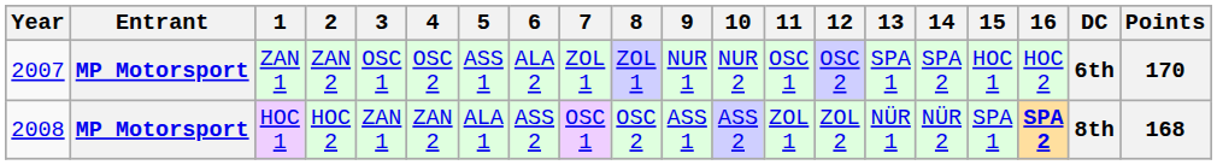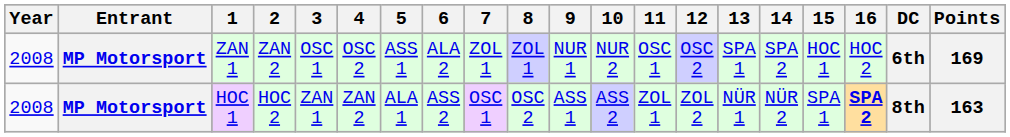 <table class="wikitable" style="text-align:center; font-size:85%">
 <tr>
 <th>Year</th>
 <th>Entrant</th>
 <th>1</th>
 <th>2</th>
 <th>3</th>
 <th>4</th>
 <th>5</th>
 <th>6</th>
 <th>7</th>
 <th>8</th>
 <th>9</th>
 <th>10</th>
 <th>11</th>
 <th>12</th>
 <th>13</th>
 <th>14</th>
 <th>15</th>
 <th>16</th>
 <th>DC</th>
 <th>Points</th>
 </tr>
 <tr>
-<td><a href='#'>2007</a></td>
+<td><a href='#'>2008</a></td>
 <th nowrap><a href='#'>MP Motorsport</a></th>
 <td style="background:#dfffdf;"><a href='#'>ZAN<br>1</a><br></td>
 <td style="background:#dfffdf;"><a href='#'>ZAN<br>2</a><br></td>
 <td style="background:#dfffdf;"><a href='#'>OSC<br>1</a><br></td>
 <td style="background:#dfffdf;"><a href='#'>OSC<br>2</a><br></td>
 <td style="background:#dfffdf;"><a href='#'>ASS<br>1</a><br></td>
 <td style="background:#DFFFDF;"><a href='#'>ALA<br>2</a><br></td>
 <td style="background:#dfffdf;"><a href='#'>ZOL<br>1</a><br></td>
 <td style="background:#cfcfff;"><a href='#'>ZOL<br>1</a><br></td>
 <td style="background:#dfffdf;"><a href='#'>NUR<br>1</a><br></td>
 <td style="background:#dfffdf;"><a href='#'>NUR<br>2</a><br></td>
 <td style="background:#dfffdf;"><a href='#'>OSC<br>1</a><br></td>
 <td style="background:#cfcfff;"><a href='#'>OSC<br>2</a><br></td>
 <td style="background:#dfffdf;"><a href='#'>SPA<br>1</a><br></td>
 <td style="background:#dfffdf;"><a href='#'>SPA<br>2</a><br></td>
 <td style="background:#dfffdf;"><a href='#'>HOC<br>1</a><br></td>
 <td style="background:#dfffdf;"><a href='#'>HOC<br>2</a><br></td>
 <th>6th</th>
-<th>170</th>
+<th>169</th>
 </tr>
 <tr>
 <td><a href='#'>2008</a></td>
 <th nowrap><a href='#'>MP Motorsport</a></th>
 <td style="background:#EFCFFF;"><a href='#'>HOC<br>1</a><br></td>
 <td style="background:#DFFFDF;"><a href='#'>HOC<br>2</a><br></td>
 <td style="background:#DFFFDF;"><a href='#'>ZAN<br>1</a><br></td>
 <td style="background:#DFFFDF;"><a href='#'>ZAN<br>2</a><br></td>
 <td style="background:#DFFFDF;"><a href='#'>ALA<br>1</a><br></td>
 <td style="background:#dfffdf;"><a href='#'>ASS<br>2</a><br></td>
 <td style="background:#EFCFFF"><a href='#'>OSC<br>1</a><br></td>
 <td style="background:#DFFFDF"><a href='#'>OSC<br>2</a><br></td>
 <td style="background:#DFFFDF;"><a href='#'>ASS<br>1</a><br></td>
 <td style="background:#CFCFFF;"><a href='#'>ASS<br>2</a><br></td>
 <td style="background:#DFFFDF;"><a href='#'>ZOL<br>1</a><br></td>
 <td style="background:#DFFFDF;"><a href='#'>ZOL<br>2</a><br></td>
 <td style="background:#DFFFDF;"><a href='#'>NÜR<br>1</a><br></td>
 <td style="background:#DFFFDF;"><a href='#'>NÜR<br>2</a><br></td>
 <td style="background:#DFFFDF;"><a href='#'>SPA<br>1</a><br></td>
 <td style="background:#FFDF9F;"><strong><a href='#'>SPA<br>2</a><br></strong></td>
 <th>8th</th>
-<th>168</th>
+<th>163</th>
 </tr>
 </table>
